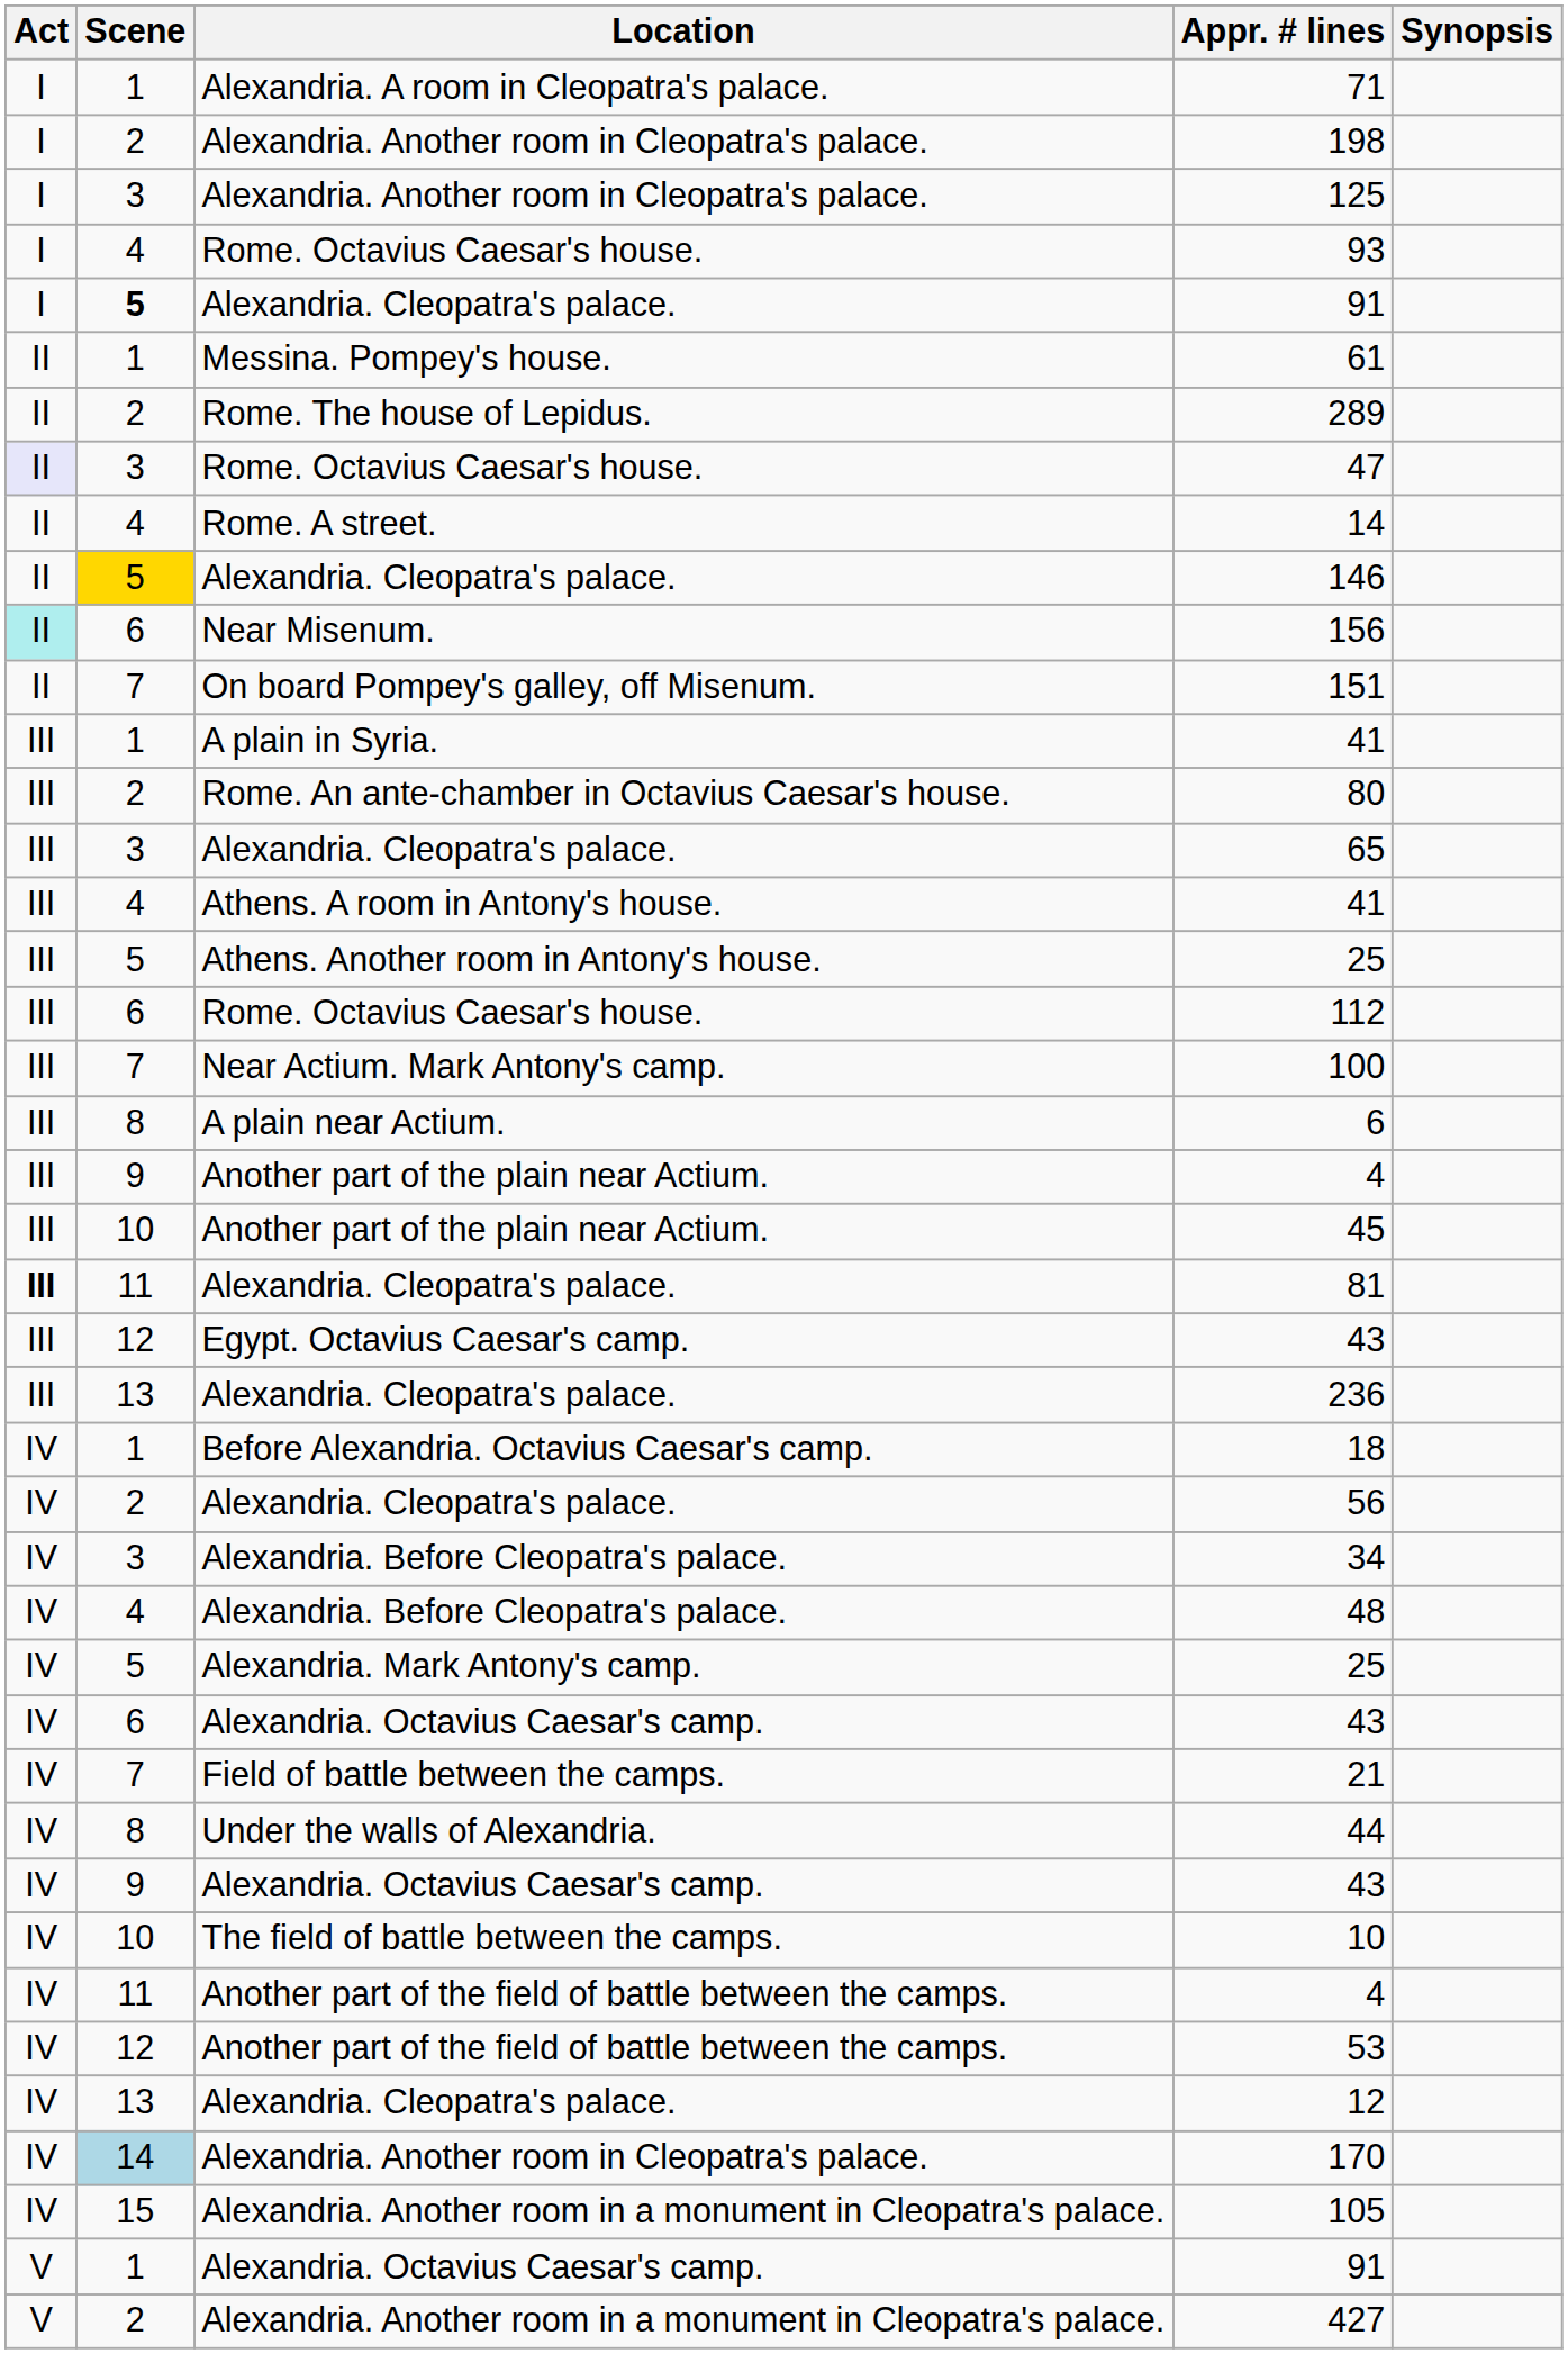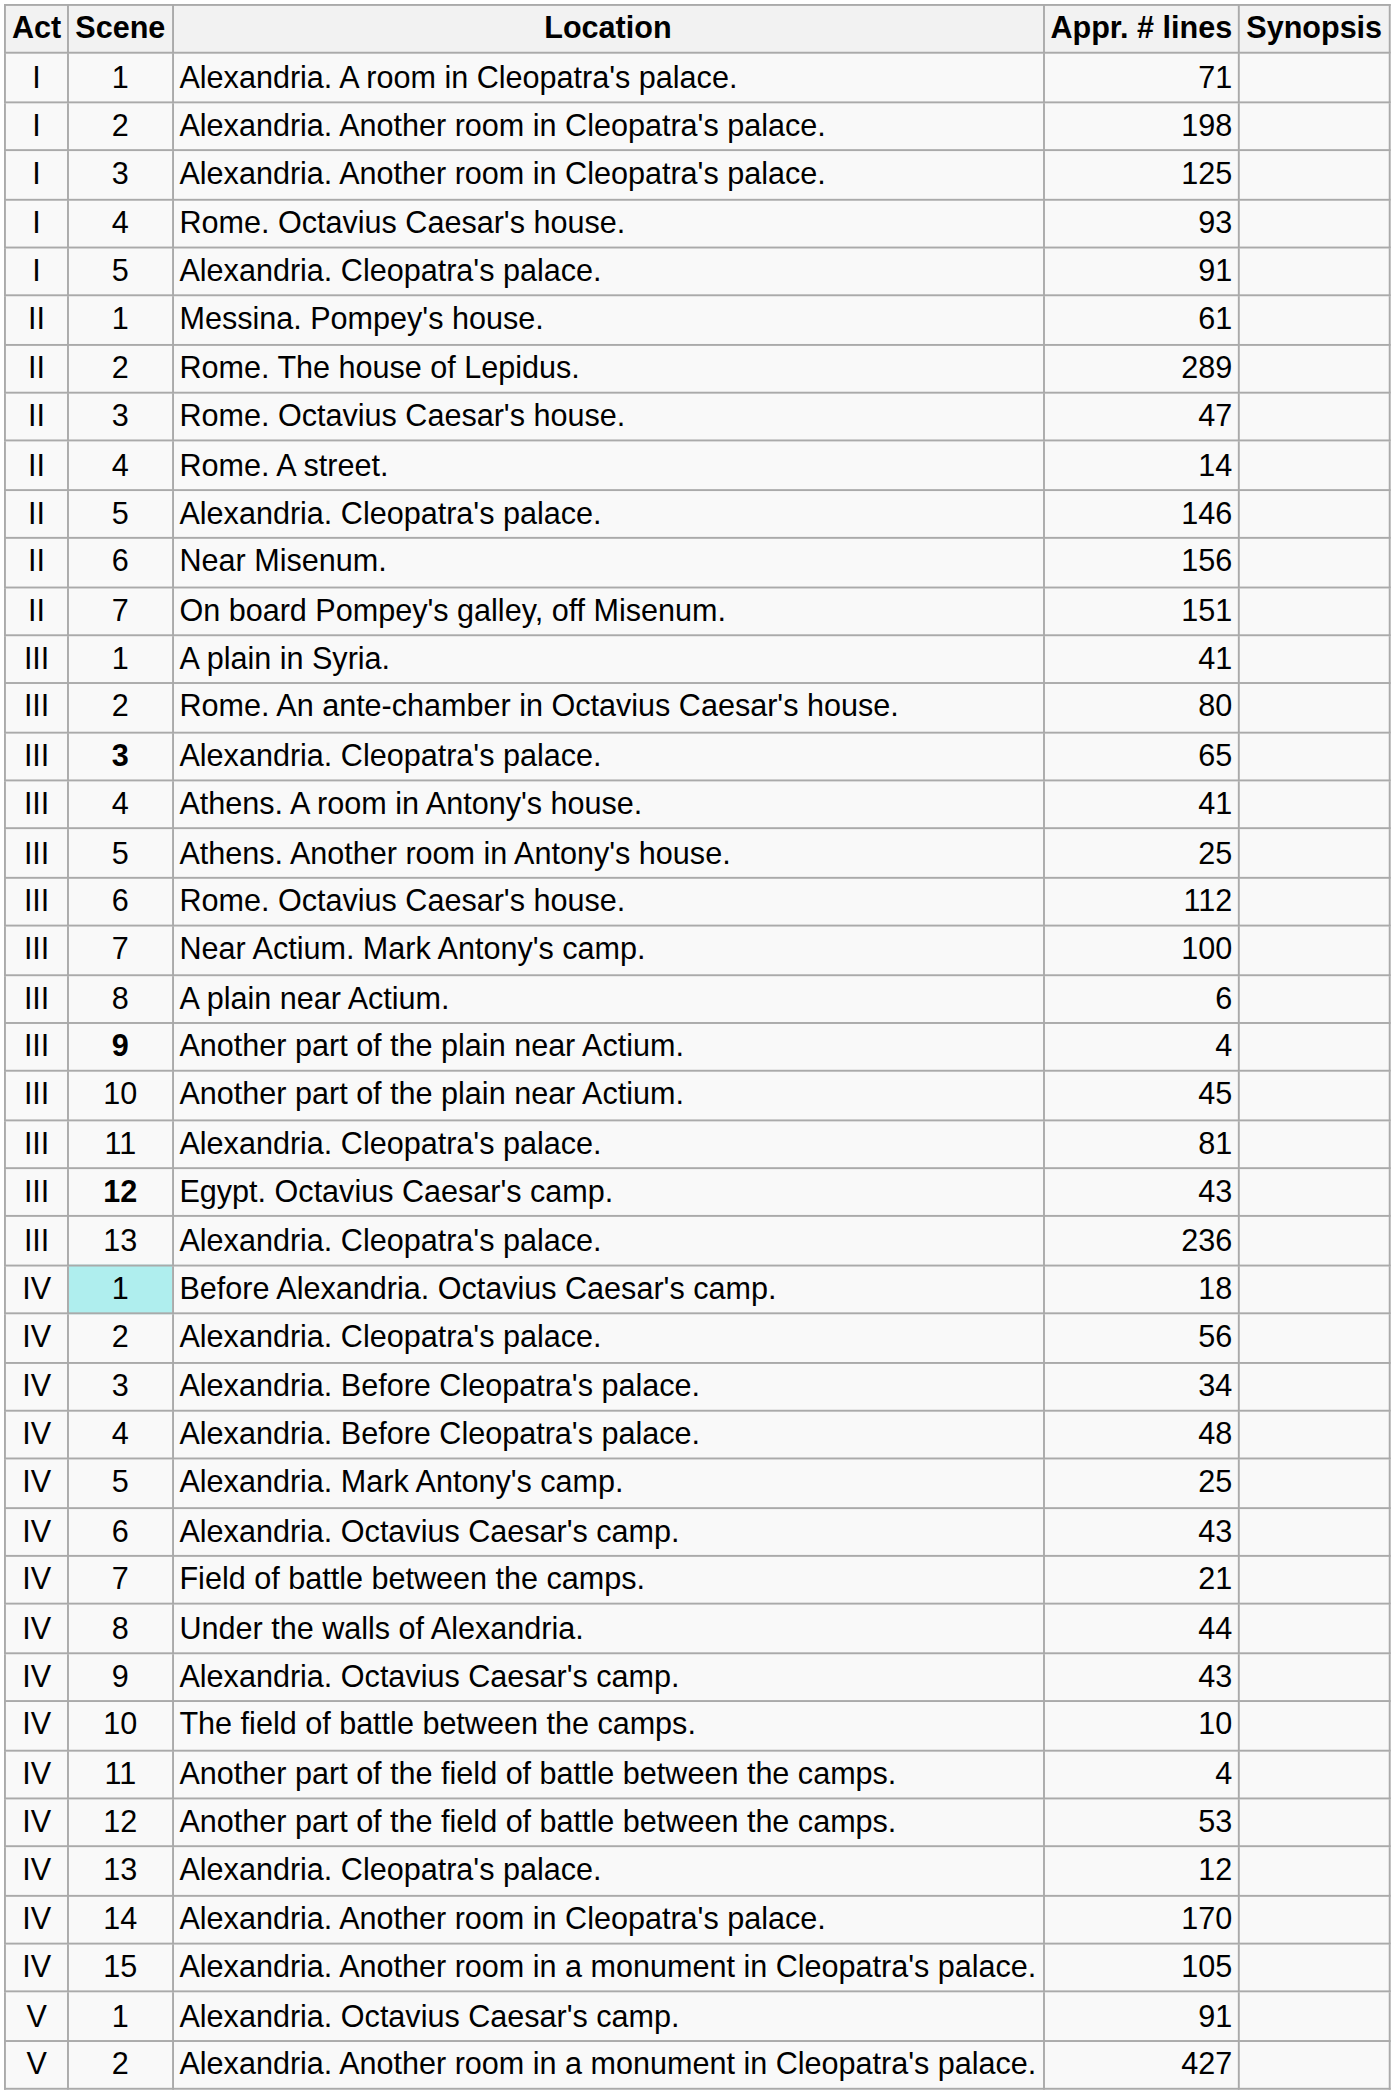 <table class="wikitable">
 <tr>
 <th>Act</th>
 <th data-sort-type="number">Scene</th>
 <th>Location</th>
 <th data-sort-type="number">Appr. # lines</th>
 <th>Synopsis</th>
 </tr>
 <tr>
 <td style="text-align:center;">I</td>
 <td style="text-align:center;">1</td>
 <td>Alexandria. A room in Cleopatra's palace.</td>
 <td style="text-align:right;">71</td>
 <td></td>
 </tr>
 <tr>
 <td style="text-align:center;">I</td>
 <td style="text-align:center;">2</td>
 <td>Alexandria. Another room in Cleopatra's palace.</td>
 <td style="text-align:right;">198</td>
 <td></td>
 </tr>
 <tr>
 <td style="text-align:center;">I</td>
 <td style="text-align:center;">3</td>
 <td>Alexandria. Another room in Cleopatra's palace.</td>
 <td style="text-align:right;">125</td>
 <td></td>
 </tr>
 <tr>
 <td style="text-align:center;">I</td>
 <td style="text-align:center;">4</td>
 <td>Rome. Octavius Caesar's house.</td>
 <td style="text-align:right;">93</td>
 <td></td>
 </tr>
 <tr>
 <td style="text-align:center;">I</td>
-<td style="text-align:center;"><strong>5</strong></td>
+<td style="text-align:center;">5</td>
 <td>Alexandria. Cleopatra's palace.</td>
 <td style="text-align:right;">91</td>
 <td></td>
 </tr>
 <tr>
 <td style="text-align:center;">II</td>
 <td style="text-align:center;">1</td>
 <td>Messina. Pompey's house.</td>
 <td style="text-align:right;">61</td>
 <td></td>
 </tr>
 <tr>
 <td style="text-align:center;">II</td>
 <td style="text-align:center;">2</td>
 <td>Rome. The house of Lepidus.</td>
 <td style="text-align:right;">289</td>
 <td></td>
 </tr>
 <tr>
-<td style="background: lavender; text-align:center;">II</td>
+<td style="text-align:center;">II</td>
 <td style="text-align:center;">3</td>
 <td>Rome. Octavius Caesar's house.</td>
 <td style="text-align:right;">47</td>
 <td></td>
 </tr>
 <tr>
 <td style="text-align:center;">II</td>
 <td style="text-align:center;">4</td>
 <td>Rome. A street.</td>
 <td style="text-align:right;">14</td>
 <td></td>
 </tr>
 <tr>
 <td style="text-align:center;">II</td>
-<td style="background: gold; text-align:center;">5</td>
+<td style="text-align:center;">5</td>
 <td>Alexandria. Cleopatra's palace.</td>
 <td style="text-align:right;">146</td>
 <td></td>
 </tr>
 <tr>
-<td style="background: paleturquoise; text-align:center;">II</td>
+<td style="text-align:center;">II</td>
 <td style="text-align:center;">6</td>
 <td>Near Misenum.</td>
 <td style="text-align:right;">156</td>
 <td></td>
 </tr>
 <tr>
 <td style="text-align:center;">II</td>
 <td style="text-align:center;">7</td>
 <td>On board Pompey's galley, off Misenum.</td>
 <td style="text-align:right;">151</td>
 <td></td>
 </tr>
 <tr>
 <td style="text-align:center;">III</td>
 <td style="text-align:center;">1</td>
 <td>A plain in Syria.</td>
 <td style="text-align:right;">41</td>
 <td></td>
 </tr>
 <tr>
 <td style="text-align:center;">III</td>
 <td style="text-align:center;">2</td>
 <td>Rome. An ante-chamber in Octavius Caesar's house.</td>
 <td style="text-align:right;">80</td>
 <td></td>
 </tr>
 <tr>
 <td style="text-align:center;">III</td>
-<td style="text-align:center;">3</td>
+<td style="text-align:center;"><strong>3</strong></td>
 <td>Alexandria. Cleopatra's palace.</td>
 <td style="text-align:right;">65</td>
 <td></td>
 </tr>
 <tr>
 <td style="text-align:center;">III</td>
 <td style="text-align:center;">4</td>
 <td>Athens. A room in Antony's house.</td>
 <td style="text-align:right;">41</td>
 <td></td>
 </tr>
 <tr>
 <td style="text-align:center;">III</td>
 <td style="text-align:center;">5</td>
 <td>Athens. Another room in Antony's house.</td>
 <td style="text-align:right;">25</td>
 <td></td>
 </tr>
 <tr>
 <td style="text-align:center;">III</td>
 <td style="text-align:center;">6</td>
 <td>Rome. Octavius Caesar's house.</td>
 <td style="text-align:right;">112</td>
 <td></td>
 </tr>
 <tr>
 <td style="text-align:center;">III</td>
 <td style="text-align:center;">7</td>
 <td>Near Actium. Mark Antony's camp.</td>
 <td style="text-align:right;">100</td>
 <td></td>
 </tr>
 <tr>
 <td style="text-align:center;">III</td>
 <td style="text-align:center;">8</td>
 <td>A plain near Actium.</td>
 <td style="text-align:right;">6</td>
 <td></td>
 </tr>
 <tr>
 <td style="text-align:center;">III</td>
-<td style="text-align:center;">9</td>
+<td style="text-align:center;"><strong>9</strong></td>
 <td>Another part of the plain near Actium.</td>
 <td style="text-align:right;">4</td>
 <td></td>
 </tr>
 <tr>
 <td style="text-align:center;">III</td>
 <td style="text-align:center;">10</td>
 <td>Another part of the plain near Actium.</td>
 <td style="text-align:right;">45</td>
 <td></td>
 </tr>
 <tr>
-<td style="text-align:center;"><strong>III</strong></td>
+<td style="text-align:center;">III</td>
 <td style="text-align:center;">11</td>
 <td>Alexandria. Cleopatra's palace.</td>
 <td style="text-align:right;">81</td>
 <td></td>
 </tr>
 <tr>
 <td style="text-align:center;">III</td>
-<td style="text-align:center;">12</td>
+<td style="text-align:center;"><strong>12</strong></td>
 <td>Egypt. Octavius Caesar's camp.</td>
 <td style="text-align:right;">43</td>
 <td></td>
 </tr>
 <tr>
 <td style="text-align:center;">III</td>
 <td style="text-align:center;">13</td>
 <td>Alexandria. Cleopatra's palace.</td>
 <td style="text-align:right;">236</td>
 <td></td>
 </tr>
 <tr>
 <td style="text-align:center;">IV</td>
-<td style="text-align:center;">1</td>
+<td style="background: paleturquoise; text-align:center;">1</td>
 <td>Before Alexandria. Octavius Caesar's camp.</td>
 <td style="text-align:right;">18</td>
 <td></td>
 </tr>
 <tr>
 <td style="text-align:center;">IV</td>
 <td style="text-align:center;">2</td>
 <td>Alexandria. Cleopatra's palace.</td>
 <td style="text-align:right;">56</td>
 <td></td>
 </tr>
 <tr>
 <td style="text-align:center;">IV</td>
 <td style="text-align:center;">3</td>
 <td>Alexandria. Before Cleopatra's palace.</td>
 <td style="text-align:right;">34</td>
 <td></td>
 </tr>
 <tr>
 <td style="text-align:center;">IV</td>
 <td style="text-align:center;">4</td>
 <td>Alexandria. Before Cleopatra's palace.</td>
 <td style="text-align:right;">48</td>
 <td></td>
 </tr>
 <tr>
 <td style="text-align:center;">IV</td>
 <td style="text-align:center;">5</td>
 <td>Alexandria. Mark Antony's camp.</td>
 <td style="text-align:right;">25</td>
 <td></td>
 </tr>
 <tr>
 <td style="text-align:center;">IV</td>
 <td style="text-align:center;">6</td>
 <td>Alexandria. Octavius Caesar's camp.</td>
 <td style="text-align:right;">43</td>
 <td></td>
 </tr>
 <tr>
 <td style="text-align:center;">IV</td>
 <td style="text-align:center;">7</td>
 <td>Field of battle between the camps.</td>
 <td style="text-align:right;">21</td>
 <td></td>
 </tr>
 <tr>
 <td style="text-align:center;">IV</td>
 <td style="text-align:center;">8</td>
 <td>Under the walls of Alexandria.</td>
 <td style="text-align:right;">44</td>
 <td></td>
 </tr>
 <tr>
 <td style="text-align:center;">IV</td>
 <td style="text-align:center;">9</td>
 <td>Alexandria. Octavius Caesar's camp.</td>
 <td style="text-align:right;">43</td>
 <td></td>
 </tr>
 <tr>
 <td style="text-align:center;">IV</td>
 <td style="text-align:center;">10</td>
 <td>The field of battle between the camps.</td>
 <td style="text-align:right;">10</td>
 <td></td>
 </tr>
 <tr>
 <td style="text-align:center;">IV</td>
 <td style="text-align:center;">11</td>
 <td>Another part of the field of battle between the camps.</td>
 <td style="text-align:right;">4</td>
 <td></td>
 </tr>
 <tr>
 <td style="text-align:center;">IV</td>
 <td style="text-align:center;">12</td>
 <td>Another part of the field of battle between the camps.</td>
 <td style="text-align:right;">53</td>
 <td></td>
 </tr>
 <tr>
 <td style="text-align:center;">IV</td>
 <td style="text-align:center;">13</td>
 <td>Alexandria. Cleopatra's palace.</td>
 <td style="text-align:right;">12</td>
 <td></td>
 </tr>
 <tr>
 <td style="text-align:center;">IV</td>
-<td style="background: lightblue; text-align:center;">14</td>
+<td style="text-align:center;">14</td>
 <td>Alexandria. Another room in Cleopatra's palace.</td>
 <td style="text-align:right;">170</td>
 <td></td>
 </tr>
 <tr>
 <td style="text-align:center;">IV</td>
 <td style="text-align:center;">15</td>
 <td>Alexandria. Another room in a monument in Cleopatra's palace.</td>
 <td style="text-align:right;">105</td>
 <td></td>
 </tr>
 <tr>
 <td style="text-align:center;">V</td>
 <td style="text-align:center;">1</td>
 <td>Alexandria. Octavius Caesar's camp.</td>
 <td style="text-align:right;">91</td>
 <td></td>
 </tr>
 <tr>
 <td style="text-align:center;">V</td>
 <td style="text-align:center;">2</td>
 <td>Alexandria. Another room in a monument in Cleopatra's palace.</td>
 <td style="text-align:right;">427</td>
 <td></td>
 </tr>
 </table>
